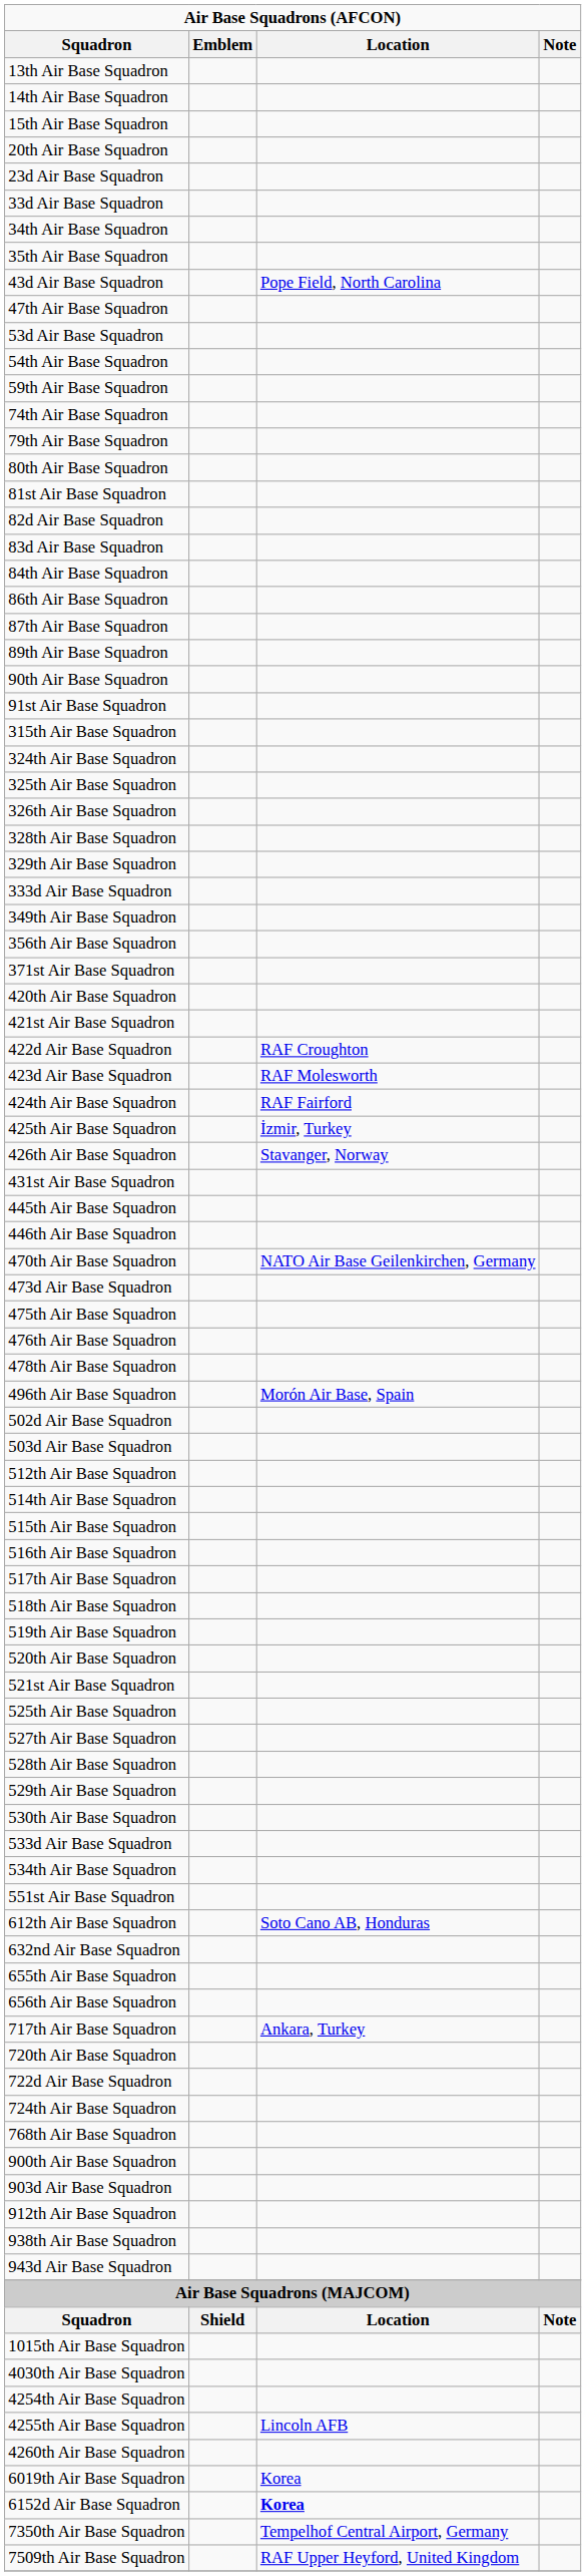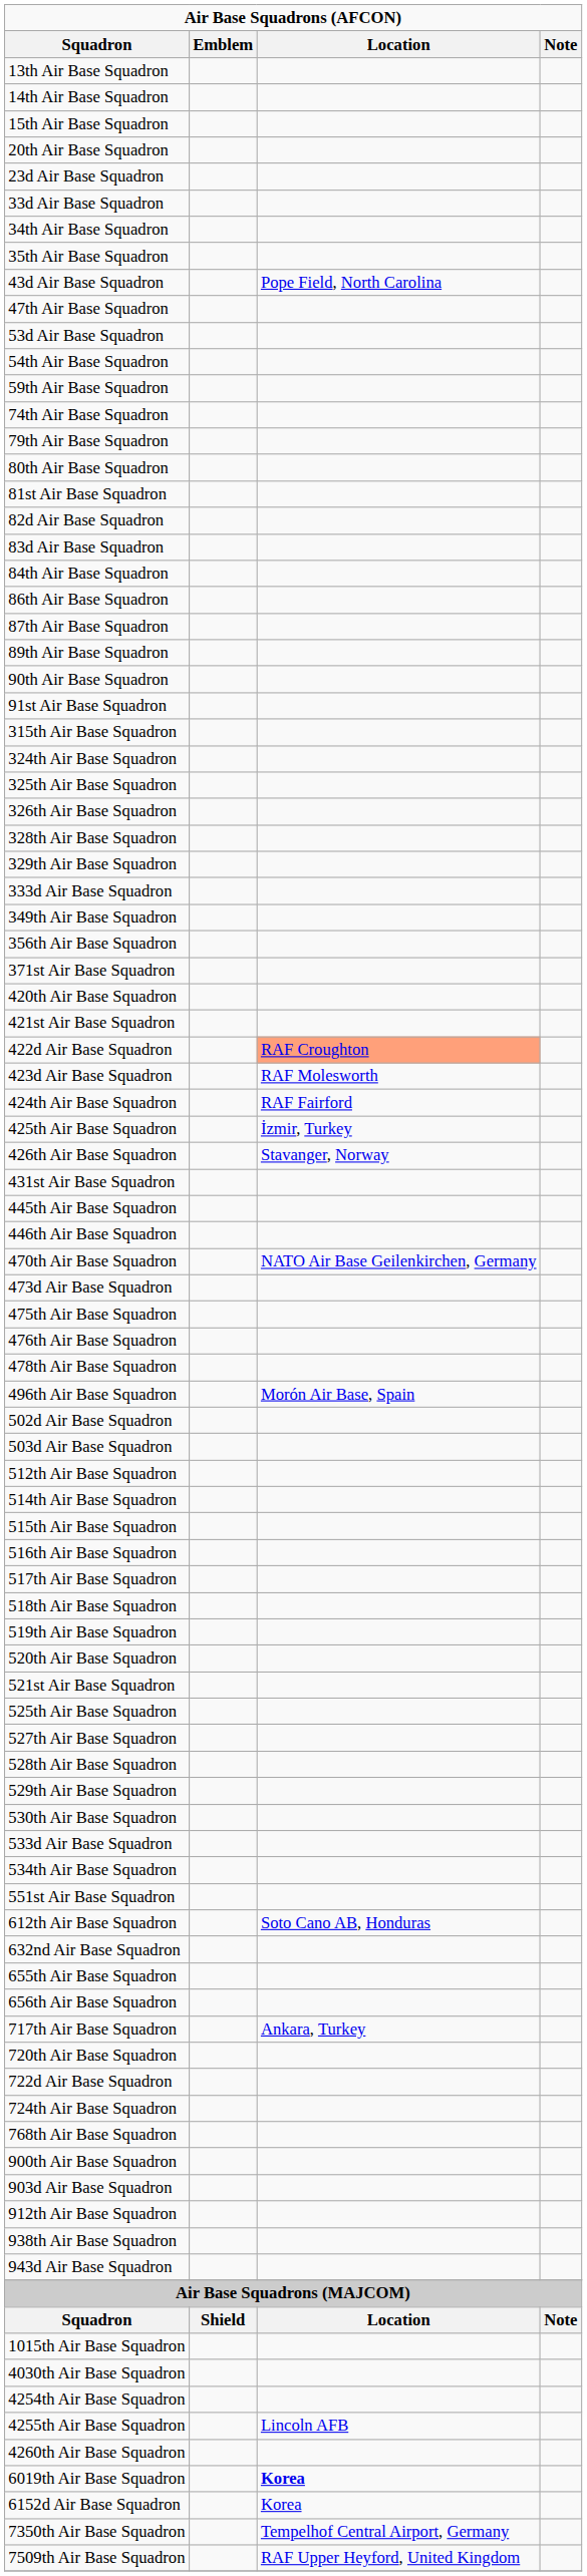 <table class="wikitable">
 <tr>
 <td colspan="6" align="center"><strong>Air Base Squadrons (AFCON)</strong></td>
 </tr>
 <tr>
 <th>Squadron</th>
 <th>Emblem</th>
 <th>Location</th>
 <th>Note</th>
 </tr>
 <tr>
 <td>13th Air Base Squadron</td>
 <td></td>
 <td></td>
 <td></td>
 </tr>
 <tr>
 <td>14th Air Base Squadron</td>
 <td></td>
 <td></td>
 <td></td>
 </tr>
 <tr>
 <td>15th Air Base Squadron</td>
 <td></td>
 <td></td>
 <td></td>
 </tr>
 <tr>
 <td>20th Air Base Squadron</td>
 <td></td>
 <td></td>
 <td></td>
 </tr>
 <tr>
 <td>23d Air Base Squadron</td>
 <td></td>
 <td></td>
 <td></td>
 </tr>
 <tr>
 <td>33d Air Base Squadron</td>
 <td></td>
 <td></td>
 <td></td>
 </tr>
 <tr>
 <td>34th Air Base Squadron</td>
 <td></td>
 <td></td>
 <td></td>
 </tr>
 <tr>
 <td>35th Air Base Squadron</td>
 <td></td>
 <td></td>
 <td></td>
 </tr>
 <tr>
 <td>43d Air Base Squadron</td>
 <td></td>
 <td><a href='#'>Pope Field</a>, <a href='#'>North Carolina</a></td>
 <td></td>
 </tr>
 <tr>
 <td>47th Air Base Squadron</td>
 <td></td>
 <td></td>
 <td></td>
 </tr>
 <tr>
 <td>53d Air Base Squadron</td>
 <td></td>
 <td></td>
 <td></td>
 </tr>
 <tr>
 <td>54th Air Base Squadron</td>
 <td></td>
 <td></td>
 <td></td>
 </tr>
 <tr>
 <td>59th Air Base Squadron</td>
 <td></td>
 <td></td>
 <td></td>
 </tr>
 <tr>
 <td>74th Air Base Squadron</td>
 <td></td>
 <td></td>
 <td></td>
 </tr>
 <tr>
 <td>79th Air Base Squadron</td>
 <td></td>
 <td></td>
 <td></td>
 </tr>
 <tr>
 <td>80th Air Base Squadron</td>
 <td></td>
 <td></td>
 <td></td>
 </tr>
 <tr>
 <td>81st Air Base Squadron</td>
 <td></td>
 <td></td>
 <td></td>
 </tr>
 <tr>
 <td>82d Air Base Squadron</td>
 <td></td>
 <td></td>
 <td></td>
 </tr>
 <tr>
 <td>83d Air Base Squadron</td>
 <td></td>
 <td></td>
 <td></td>
 </tr>
 <tr>
 <td>84th Air Base Squadron</td>
 <td></td>
 <td></td>
 <td></td>
 </tr>
 <tr>
 <td>86th Air Base Squadron</td>
 <td></td>
 <td></td>
 <td></td>
 </tr>
 <tr>
 <td>87th Air Base Squadron</td>
 <td></td>
 <td></td>
 <td></td>
 </tr>
 <tr>
 <td>89th Air Base Squadron</td>
 <td></td>
 <td></td>
 <td></td>
 </tr>
 <tr>
 <td>90th Air Base Squadron</td>
 <td></td>
 <td></td>
 <td></td>
 </tr>
 <tr>
 <td>91st Air Base Squadron</td>
 <td></td>
 <td></td>
 <td></td>
 </tr>
 <tr>
 <td>315th Air Base Squadron</td>
 <td></td>
 <td></td>
 <td></td>
 </tr>
 <tr>
 <td>324th Air Base Squadron</td>
 <td></td>
 <td></td>
 <td></td>
 </tr>
 <tr>
 <td>325th Air Base Squadron</td>
 <td></td>
 <td></td>
 <td></td>
 </tr>
 <tr>
 <td>326th Air Base Squadron</td>
 <td></td>
 <td></td>
 <td></td>
 </tr>
 <tr>
 <td>328th Air Base Squadron</td>
 <td></td>
 <td></td>
 <td></td>
 </tr>
 <tr>
 <td>329th Air Base Squadron</td>
 <td></td>
 <td></td>
 <td></td>
 </tr>
 <tr>
 <td>333d Air Base Squadron</td>
 <td></td>
 <td></td>
 <td></td>
 </tr>
 <tr>
 <td>349th Air Base Squadron</td>
 <td></td>
 <td></td>
 <td></td>
 </tr>
 <tr>
 <td>356th Air Base Squadron</td>
 <td></td>
 <td></td>
 <td></td>
 </tr>
 <tr>
 <td>371st Air Base Squadron</td>
 <td></td>
 <td></td>
 <td></td>
 </tr>
 <tr>
 <td>420th Air Base Squadron</td>
 <td></td>
 <td></td>
 <td></td>
 </tr>
 <tr>
 <td>421st Air Base Squadron</td>
 <td></td>
 <td></td>
 <td></td>
 </tr>
 <tr>
 <td>422d Air Base Squadron</td>
 <td></td>
-<td><a href='#'>RAF Croughton</a></td>
+<td style="background: lightsalmon;"><a href='#'>RAF Croughton</a></td>
 <td></td>
 </tr>
 <tr>
 <td>423d Air Base Squadron</td>
 <td></td>
 <td><a href='#'>RAF Molesworth</a></td>
 <td></td>
 </tr>
 <tr>
 <td>424th Air Base Squadron</td>
 <td></td>
 <td><a href='#'>RAF Fairford</a></td>
 <td></td>
 </tr>
 <tr>
 <td>425th Air Base Squadron</td>
 <td></td>
 <td><a href='#'>İzmir</a>, <a href='#'>Turkey</a></td>
 <td></td>
 </tr>
 <tr>
 <td>426th Air Base Squadron</td>
 <td></td>
 <td><a href='#'>Stavanger</a>, <a href='#'>Norway</a></td>
 <td></td>
 </tr>
 <tr>
 <td>431st Air Base Squadron</td>
 <td></td>
 <td></td>
 <td></td>
 </tr>
 <tr>
 <td>445th Air Base Squadron</td>
 <td></td>
 <td></td>
 <td></td>
 </tr>
 <tr>
 <td>446th Air Base Squadron</td>
 <td></td>
 <td></td>
 <td></td>
 </tr>
 <tr>
 <td>470th Air Base Squadron</td>
 <td></td>
 <td><a href='#'>NATO Air Base Geilenkirchen</a>, <a href='#'>Germany</a></td>
 <td></td>
 </tr>
 <tr>
 <td>473d Air Base Squadron</td>
 <td></td>
 <td></td>
 <td></td>
 </tr>
 <tr>
 <td>475th Air Base Squadron</td>
 <td></td>
 <td></td>
 <td></td>
 </tr>
 <tr>
 <td>476th Air Base Squadron</td>
 <td></td>
 <td></td>
 <td></td>
 </tr>
 <tr>
 <td>478th Air Base Squadron</td>
 <td></td>
 <td></td>
 <td></td>
 </tr>
 <tr>
 <td>496th Air Base Squadron</td>
 <td></td>
 <td><a href='#'>Morón Air Base</a>, <a href='#'>Spain</a></td>
 <td></td>
 </tr>
 <tr>
 <td>502d Air Base Squadron</td>
 <td></td>
 <td></td>
 <td></td>
 </tr>
 <tr>
 <td>503d Air Base Squadron</td>
 <td></td>
 <td></td>
 <td></td>
 </tr>
 <tr>
 <td>512th Air Base Squadron</td>
 <td></td>
 <td></td>
 <td></td>
 </tr>
 <tr>
 <td>514th Air Base Squadron</td>
 <td></td>
 <td></td>
 <td></td>
 </tr>
 <tr>
 <td>515th Air Base Squadron</td>
 <td></td>
 <td></td>
 <td></td>
 </tr>
 <tr>
 <td>516th Air Base Squadron</td>
 <td></td>
 <td></td>
 <td></td>
 </tr>
 <tr>
 <td>517th Air Base Squadron</td>
 <td></td>
 <td></td>
 <td></td>
 </tr>
 <tr>
 <td>518th Air Base Squadron</td>
 <td></td>
 <td></td>
 <td></td>
 </tr>
 <tr>
 <td>519th Air Base Squadron</td>
 <td></td>
 <td></td>
 <td></td>
 </tr>
 <tr>
 <td>520th Air Base Squadron</td>
 <td></td>
 <td></td>
 <td></td>
 </tr>
 <tr>
 <td>521st Air Base Squadron</td>
 <td></td>
 <td></td>
 <td></td>
 </tr>
 <tr>
 <td>525th Air Base Squadron</td>
 <td></td>
 <td></td>
 <td></td>
 </tr>
 <tr>
 <td>527th Air Base Squadron</td>
 <td></td>
 <td></td>
 <td></td>
 </tr>
 <tr>
 <td>528th Air Base Squadron</td>
 <td></td>
 <td></td>
 <td></td>
 </tr>
 <tr>
 <td>529th Air Base Squadron</td>
 <td></td>
 <td></td>
 <td></td>
 </tr>
 <tr>
 <td>530th Air Base Squadron</td>
 <td></td>
 <td></td>
 <td></td>
 </tr>
 <tr>
 <td>533d Air Base Squadron</td>
 <td></td>
 <td></td>
 <td></td>
 </tr>
 <tr>
 <td>534th Air Base Squadron</td>
 <td></td>
 <td></td>
 <td></td>
 </tr>
 <tr>
 <td>551st Air Base Squadron</td>
 <td></td>
 <td></td>
 <td></td>
 </tr>
 <tr>
 <td>612th Air Base Squadron</td>
 <td></td>
 <td><a href='#'>Soto Cano AB</a>, <a href='#'>Honduras</a></td>
 <td></td>
 </tr>
 <tr>
 <td>632nd Air Base Squadron</td>
 <td></td>
 <td></td>
 <td></td>
 </tr>
 <tr>
 <td>655th Air Base Squadron</td>
 <td></td>
 <td></td>
 <td></td>
 </tr>
 <tr>
 <td>656th Air Base Squadron</td>
 <td></td>
 <td></td>
 <td></td>
 </tr>
 <tr>
 <td>717th Air Base Squadron</td>
 <td></td>
 <td><a href='#'>Ankara</a>, <a href='#'>Turkey</a></td>
 <td></td>
 </tr>
 <tr>
 <td>720th Air Base Squadron</td>
 <td></td>
 <td></td>
 <td></td>
 </tr>
 <tr>
 <td>722d Air Base Squadron</td>
 <td></td>
 <td></td>
 <td></td>
 </tr>
 <tr>
 <td>724th Air Base Squadron</td>
 <td></td>
 <td></td>
 <td></td>
 </tr>
 <tr>
 <td>768th Air Base Squadron</td>
 <td></td>
 <td></td>
 <td></td>
 </tr>
 <tr>
 <td>900th Air Base Squadron</td>
 <td></td>
 <td></td>
 <td></td>
 </tr>
 <tr>
 <td>903d Air Base Squadron</td>
 <td></td>
 <td></td>
 <td></td>
 </tr>
 <tr>
 <td>912th Air Base Squadron</td>
 <td></td>
 <td></td>
 <td></td>
 </tr>
 <tr>
 <td>938th Air Base Squadron</td>
 <td></td>
 <td></td>
 <td></td>
 </tr>
 <tr>
 <td>943d Air Base Squadron</td>
 <td></td>
 <td></td>
 <td></td>
 </tr>
 <tr>
 </tr>
 <tr bgcolor=cccccc>
 <td colspan="6" align="center"><strong>Air Base Squadrons (MAJCOM)</strong></td>
 </tr>
 <tr>
 <th>Squadron</th>
 <th>Shield</th>
 <th>Location</th>
 <th>Note</th>
 </tr>
 <tr |->
 <td>1015th Air Base Squadron</td>
 <td></td>
 <td></td>
 <td></td>
 </tr>
 <tr>
 <td>4030th Air Base Squadron</td>
 <td></td>
 <td></td>
 <td></td>
 </tr>
 <tr>
 <td>4254th Air Base Squadron</td>
 <td></td>
 <td></td>
 <td></td>
 </tr>
 <tr>
 <td>4255th Air Base Squadron</td>
 <td></td>
 <td><a href='#'>Lincoln AFB</a></td>
 <td></td>
 </tr>
 <tr>
 <td>4260th Air Base Squadron</td>
 <td></td>
 <td></td>
 <td></td>
 </tr>
 <tr>
 <td>6019th Air Base Squadron</td>
 <td></td>
-<td><a href='#'>Korea</a></td>
+<td><strong><a href='#'>Korea</a></strong></td>
 <td></td>
 </tr>
 <tr>
 <td>6152d Air Base Squadron</td>
 <td></td>
-<td><strong><a href='#'>Korea</a></strong></td>
+<td><a href='#'>Korea</a></td>
 <td></td>
 </tr>
 <tr>
 <td>7350th Air Base Squadron</td>
 <td></td>
 <td><a href='#'>Tempelhof Central Airport</a>, <a href='#'>Germany</a></td>
 <td></td>
 </tr>
 <tr>
 <td>7509th Air Base Squadron</td>
 <td></td>
 <td><a href='#'>RAF Upper Heyford</a>, <a href='#'>United Kingdom</a></td>
 <td></td>
 </tr>
 <tr>
 </tr>
 </table>
